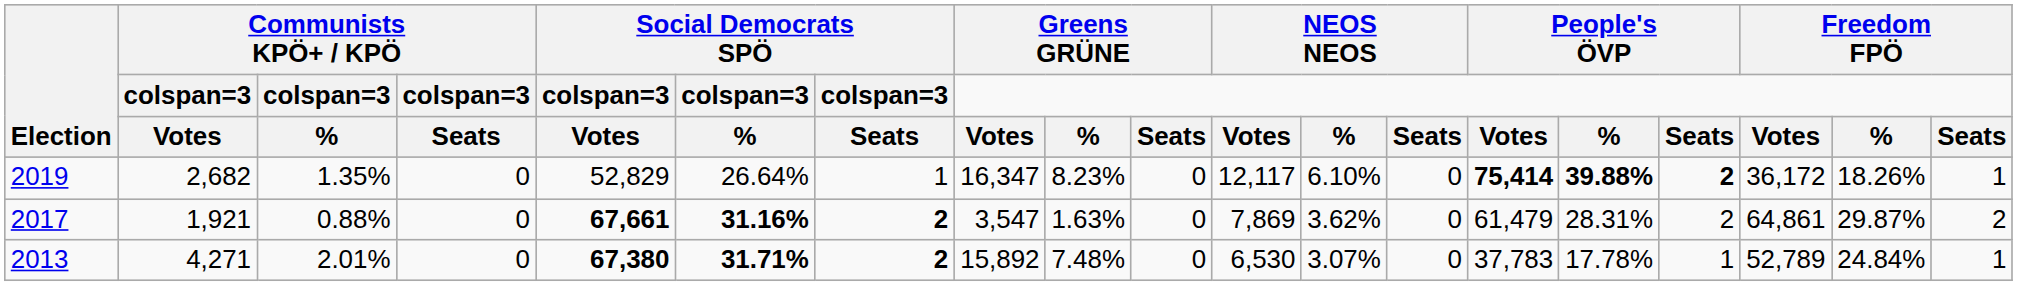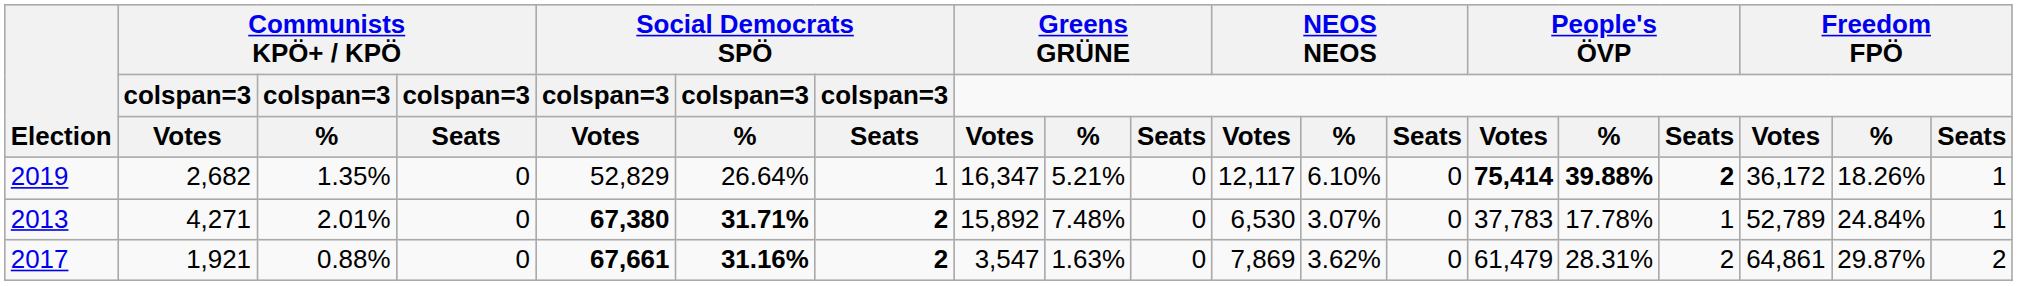 <table class="wikitable" border="1" style="font-size:100%; text-align:right;">
 <tr>
 <th style="text-align:left;" valign=bottom rowspan=3>Election</th>
 <th valign=bottom colspan=3><a href='#'>Communists</a><br>KPÖ+ / KPÖ</th>
 <th valign=bottom colspan=3><a href='#'>Social Democrats</a><br>SPÖ</th>
 <th valign=bottom colspan=3><a href='#'>Greens</a><br>GRÜNE</th>
 <th valign=bottom colspan=3><a href='#'>NEOS</a><br>NEOS</th>
 <th valign=bottom colspan=3><a href='#'>People's</a><br>ÖVP</th>
 <th valign=bottom colspan=3><a href='#'>Freedom</a><br>FPÖ</th>
 </tr>
 <tr>
 <th>colspan=3 </th>
 <th>colspan=3 </th>
 <th>colspan=3 </th>
 <th>colspan=3 </th>
 <th>colspan=3 </th>
 <th>colspan=3 </th>
 </tr>
 <tr>
 <th>Votes</th>
 <th>%</th>
 <th>Seats</th>
 <th>Votes</th>
 <th>%</th>
 <th>Seats</th>
 <th>Votes</th>
 <th>%</th>
 <th>Seats</th>
 <th>Votes</th>
 <th>%</th>
 <th>Seats</th>
 <th>Votes</th>
 <th>%</th>
 <th>Seats</th>
 <th>Votes</th>
 <th>%</th>
 <th>Seats</th>
 </tr>
 <tr>
 <td align=left><a href='#'>2019</a></td>
 <td>2,682</td>
 <td>1.35%</td>
 <td>0</td>
 <td>52,829</td>
 <td>26.64%</td>
 <td>1</td>
 <td>16,347</td>
-<td>8.23%</td>
+<td>5.21%</td>
 <td>0</td>
 <td>12,117</td>
 <td>6.10%</td>
 <td>0</td>
 <td><strong>75,414</strong></td>
 <td><strong>39.88%</strong></td>
 <td><strong>2</strong></td>
 <td>36,172</td>
 <td>18.26%</td>
+<td>1</td>
+</tr>
+<tr>
+<td align=left><a href='#'>2013</a></td>
+<td>4,271</td>
+<td>2.01%</td>
+<td>0</td>
+<td><strong>67,380</strong></td>
+<td><strong>31.71%</strong></td>
+<td><strong>2</strong></td>
+<td>15,892</td>
+<td>7.48%</td>
+<td>0</td>
+<td>6,530</td>
+<td>3.07%</td>
+<td>0</td>
+<td>37,783</td>
+<td>17.78%</td>
+<td>1</td>
+<td>52,789</td>
+<td>24.84%</td>
 <td>1</td>
 </tr>
 <tr>
 <td align=left><a href='#'>2017</a></td>
 <td>1,921</td>
 <td>0.88%</td>
 <td>0</td>
 <td><strong>67,661</strong></td>
 <td><strong>31.16%</strong></td>
 <td><strong>2</strong></td>
 <td>3,547</td>
 <td>1.63%</td>
 <td>0</td>
 <td>7,869</td>
 <td>3.62%</td>
 <td>0</td>
 <td>61,479</td>
 <td>28.31%</td>
 <td>2</td>
 <td>64,861</td>
 <td>29.87%</td>
 <td>2</td>
 </tr>
-<tr>
-<td align=left><a href='#'>2013</a></td>
-<td>4,271</td>
-<td>2.01%</td>
-<td>0</td>
-<td><strong>67,380</strong></td>
-<td><strong>31.71%</strong></td>
-<td><strong>2</strong></td>
-<td>15,892</td>
-<td>7.48%</td>
-<td>0</td>
-<td>6,530</td>
-<td>3.07%</td>
-<td>0</td>
-<td>37,783</td>
-<td>17.78%</td>
-<td>1</td>
-<td>52,789</td>
-<td>24.84%</td>
-<td>1</td>
-</tr>
 </table>
